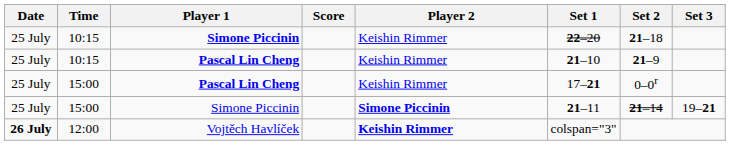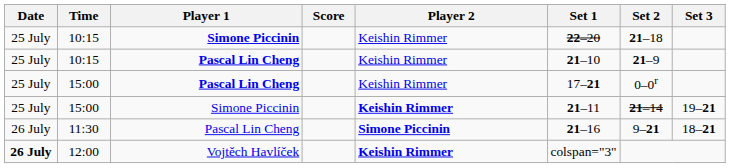 <table class="wikitable" style="font-size:90%; text-align:center">
 <tr>
 <th width="50">Date</th>
 <th width="50">Time</th>
 <th width="200">Player 1</th>
 <th width="50">Score</th>
 <th width="200">Player 2</th>
 <th width="50">Set 1</th>
 <th width="50">Set 2</th>
 <th width="50">Set 3</th>
 </tr>
 <tr>
 <td>25 July</td>
 <td>10:15</td>
 <td align="right"><strong><a href='#'>Simone Piccinin</a> </strong></td>
 <td><s></s></td>
 <td align="left"> <a href='#'>Keishin Rimmer</a></td>
 <td><s><strong>22</strong>–20</s></td>
 <td><strong>21</strong>–18</td>
 <td></td>
 </tr>
 <tr>
 <td>25 July</td>
 <td>10:15</td>
 <td align="right"><strong><a href='#'>Pascal Lin Cheng</a> </strong></td>
 <td></td>
 <td align="left"> <a href='#'>Keishin Rimmer</a></td>
 <td><strong>21</strong>–10</td>
 <td><strong>21</strong>–9</td>
 <td></td>
 </tr>
 <tr>
 <td>25 July</td>
 <td>15:00</td>
 <td align="right"><strong><a href='#'>Pascal Lin Cheng</a> </strong></td>
 <td></td>
 <td align="left"> <a href='#'>Keishin Rimmer</a></td>
 <td>17–<strong>21</strong></td>
 <td>0–0<sup>r</sup></td>
 <td></td>
 </tr>
 <tr>
 <td>25 July</td>
 <td>15:00</td>
 <td align="right"><a href='#'>Simone Piccinin</a> </td>
 <td></td>
-<td align="left"><strong> <a href='#'>Simone Piccinin</a></strong></td>
+<td align="left"><strong> <a href='#'>Keishin Rimmer</a></strong></td>
 <td><strong>21</strong>–11</td>
 <td><s><strong>21</strong>–14</s></td>
 <td>19–<strong>21</strong></td>
+</tr>
+<tr>
+<td>26 July</td>
+<td>11:30</td>
+<td align="right"><a href='#'>Pascal Lin Cheng</a> </td>
+<td></td>
+<td align="left"><strong> <a href='#'>Simone Piccinin</a></strong></td>
+<td><strong>21</strong>–16</td>
+<td>9–<strong>21</strong></td>
+<td>18–<strong>21</strong></td>
 </tr>
 <tr>
 <td><strong>26 July</strong></td>
 <td>12:00</td>
 <td align="right"><a href='#'>Vojtěch Havlíček</a> </td>
 <td></td>
 <td align="left"><strong> <a href='#'>Keishin Rimmer</a></strong></td>
 <td>colspan="3" </td>
 </tr>
 </table>
